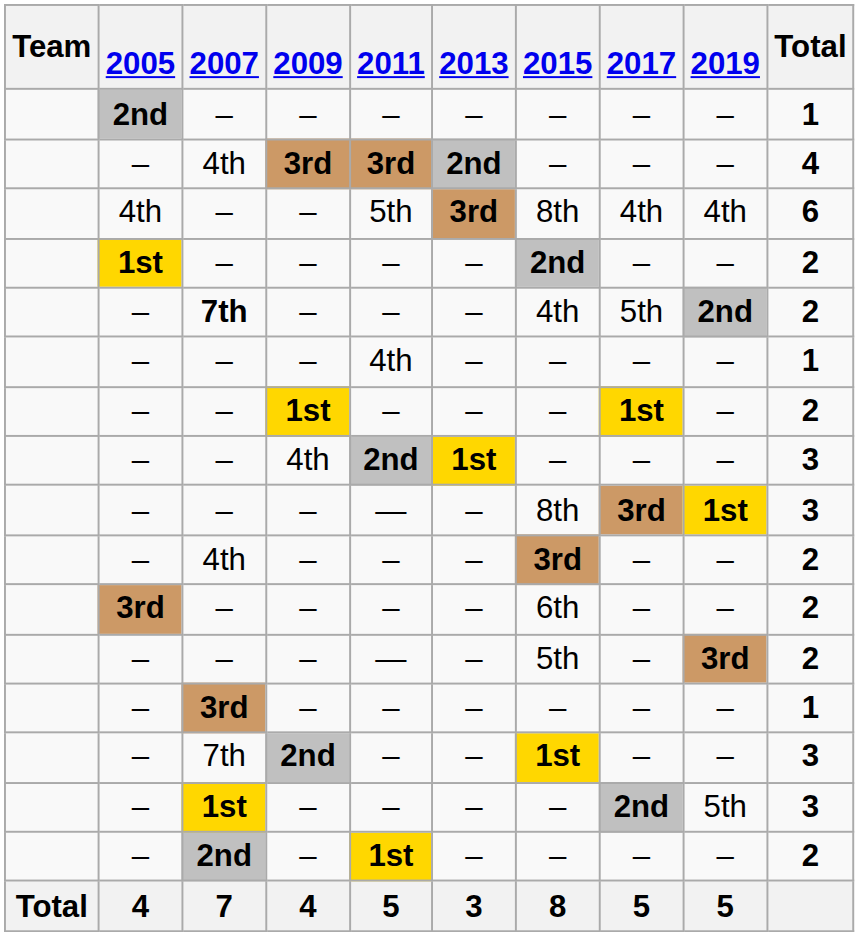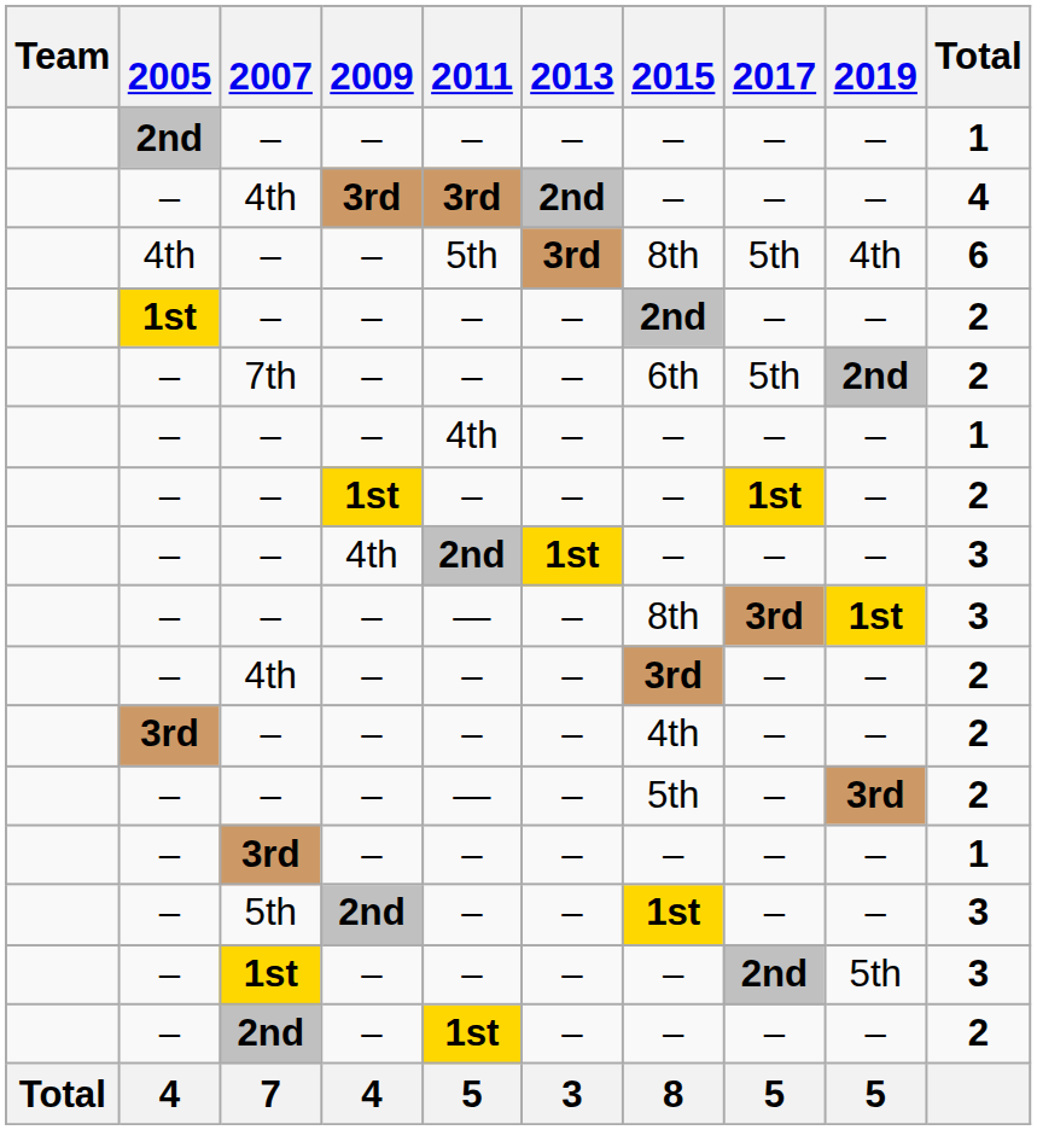 <table class="wikitable" style="text-align:center">
 <tr>
 <th>Team</th>
 <th><br><a href='#'>2005</a></th>
 <th><br><a href='#'>2007</a></th>
 <th><br><a href='#'>2009</a></th>
 <th><br><a href='#'>2011</a></th>
 <th><br><a href='#'>2013</a></th>
 <th><br><a href='#'>2015</a></th>
 <th><br><a href='#'>2017</a></th>
 <th><br><a href='#'>2019</a></th>
 <th>Total</th>
 </tr>
 <tr>
 <td align=left></td>
 <td bgcolor=silver><strong>2nd</strong></td>
 <td>–</td>
 <td>–</td>
 <td>–</td>
 <td>–</td>
 <td>–</td>
 <td>–</td>
 <td>–</td>
 <td><strong>1</strong></td>
 </tr>
 <tr>
 <td align=left></td>
 <td>–</td>
 <td>4th</td>
 <td bgcolor=cc9966><strong>3rd</strong></td>
 <td bgcolor=cc9966><strong>3rd</strong></td>
 <td bgcolor=silver><strong>2nd</strong></td>
 <td>–</td>
 <td>–</td>
 <td>–</td>
 <td><strong>4</strong></td>
 </tr>
 <tr>
 <td align=left></td>
 <td>4th</td>
 <td>–</td>
 <td>–</td>
 <td>5th</td>
 <td bgcolor=cc9966><strong>3rd</strong></td>
 <td>8th</td>
-<td>4th</td>
+<td>5th</td>
 <td>4th</td>
 <td><strong>6</strong></td>
 </tr>
 <tr>
 <td align=left></td>
 <td bgcolor=gold><strong>1st</strong></td>
 <td>–</td>
 <td>–</td>
 <td>–</td>
 <td>–</td>
 <td bgcolor=silver><strong>2nd</strong></td>
 <td>–</td>
 <td>–</td>
 <td><strong>2</strong></td>
 </tr>
 <tr>
 <td align=left></td>
 <td>–</td>
-<td><strong>7th</strong></td>
+<td>7th</td>
 <td>–</td>
 <td>–</td>
 <td>–</td>
-<td>4th</td>
+<td>6th</td>
 <td>5th</td>
 <td bgcolor=silver><strong>2nd</strong></td>
 <td><strong>2</strong></td>
 </tr>
 <tr>
 <td align=left></td>
 <td>–</td>
 <td>–</td>
 <td>–</td>
 <td>4th</td>
 <td>–</td>
 <td>–</td>
 <td>–</td>
 <td>–</td>
 <td><strong>1</strong></td>
 </tr>
 <tr>
 <td align=left></td>
 <td>–</td>
 <td>–</td>
 <td bgcolor=gold><strong>1st</strong></td>
 <td>–</td>
 <td>–</td>
 <td>–</td>
 <td bgcolor=gold><strong>1st</strong></td>
 <td>–</td>
 <td><strong>2</strong></td>
 </tr>
 <tr>
 <td align=left></td>
 <td>–</td>
 <td>–</td>
 <td>4th</td>
 <td bgcolor=silver><strong>2nd</strong></td>
 <td bgcolor=gold><strong>1st</strong></td>
 <td>–</td>
 <td>–</td>
 <td>–</td>
 <td><strong>3</strong></td>
 </tr>
 <tr>
 <td align=left></td>
 <td>–</td>
 <td>–</td>
 <td>–</td>
 <td>—</td>
 <td>–</td>
 <td>8th</td>
 <td bgcolor=cc9966><strong>3rd</strong></td>
 <td bgcolor=gold><strong>1st</strong></td>
 <td><strong>3</strong></td>
 </tr>
 <tr>
 <td align=left></td>
 <td>–</td>
 <td>4th</td>
 <td>–</td>
 <td>–</td>
 <td>–</td>
 <td bgcolor=cc9966><strong>3rd</strong></td>
 <td>–</td>
 <td>–</td>
 <td><strong>2</strong></td>
 </tr>
 <tr>
 <td align=left></td>
 <td bgcolor=cc9966><strong>3rd</strong></td>
 <td>–</td>
 <td>–</td>
 <td>–</td>
 <td>–</td>
-<td>6th</td>
+<td>4th</td>
 <td>–</td>
 <td>–</td>
 <td><strong>2</strong></td>
 </tr>
 <tr>
 <td align=left></td>
 <td>–</td>
 <td>–</td>
 <td>–</td>
 <td>—</td>
 <td>–</td>
 <td>5th</td>
 <td>–</td>
 <td bgcolor=cc9966><strong>3rd</strong></td>
 <td><strong>2</strong></td>
 </tr>
 <tr>
 <td align=left></td>
 <td>–</td>
 <td bgcolor=cc9966><strong>3rd</strong></td>
 <td>–</td>
 <td>–</td>
 <td>–</td>
 <td>–</td>
 <td>–</td>
 <td>–</td>
 <td><strong>1</strong></td>
 </tr>
 <tr>
 <td align=left></td>
 <td>–</td>
-<td>7th</td>
+<td>5th</td>
 <td bgcolor=silver><strong>2nd</strong></td>
 <td>–</td>
 <td>–</td>
 <td bgcolor=gold><strong>1st</strong></td>
 <td>–</td>
 <td>–</td>
 <td><strong>3</strong></td>
 </tr>
 <tr>
 <td align=left></td>
 <td>–</td>
 <td bgcolor=gold><strong>1st</strong></td>
 <td>–</td>
 <td>–</td>
 <td>–</td>
 <td>–</td>
 <td bgcolor=silver><strong>2nd</strong></td>
 <td>5th</td>
 <td><strong>3</strong></td>
 </tr>
 <tr>
 <td align=left></td>
 <td>–</td>
 <td bgcolor=silver><strong>2nd</strong></td>
 <td>–</td>
 <td bgcolor=gold><strong>1st</strong></td>
 <td>–</td>
 <td>–</td>
 <td>–</td>
 <td>–</td>
 <td><strong>2</strong></td>
 </tr>
 <tr>
 <th>Total</th>
 <th>4</th>
 <th>7</th>
 <th>4</th>
 <th>5</th>
 <th>3</th>
 <th>8</th>
 <th>5</th>
 <th>5</th>
 <th></th>
 </tr>
 </table>
